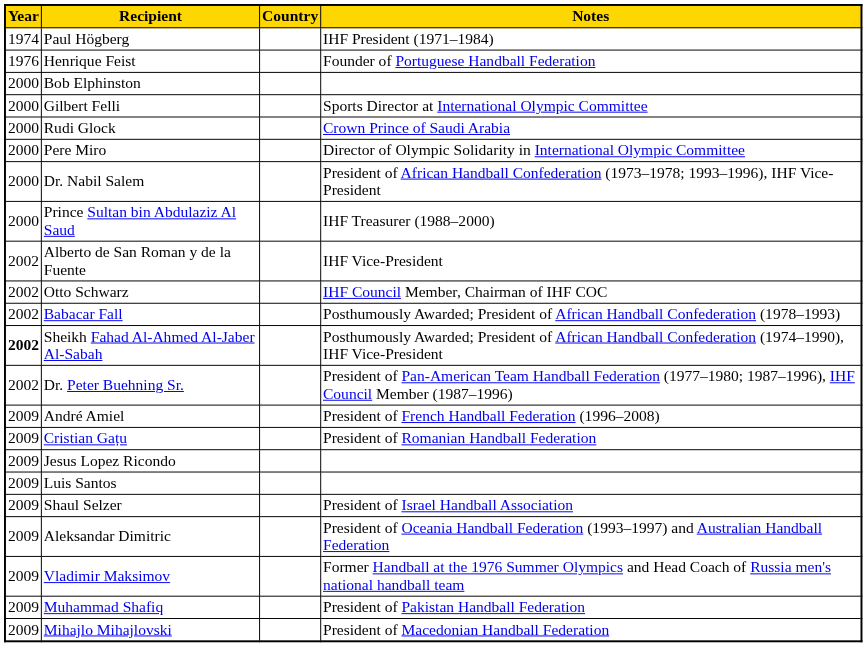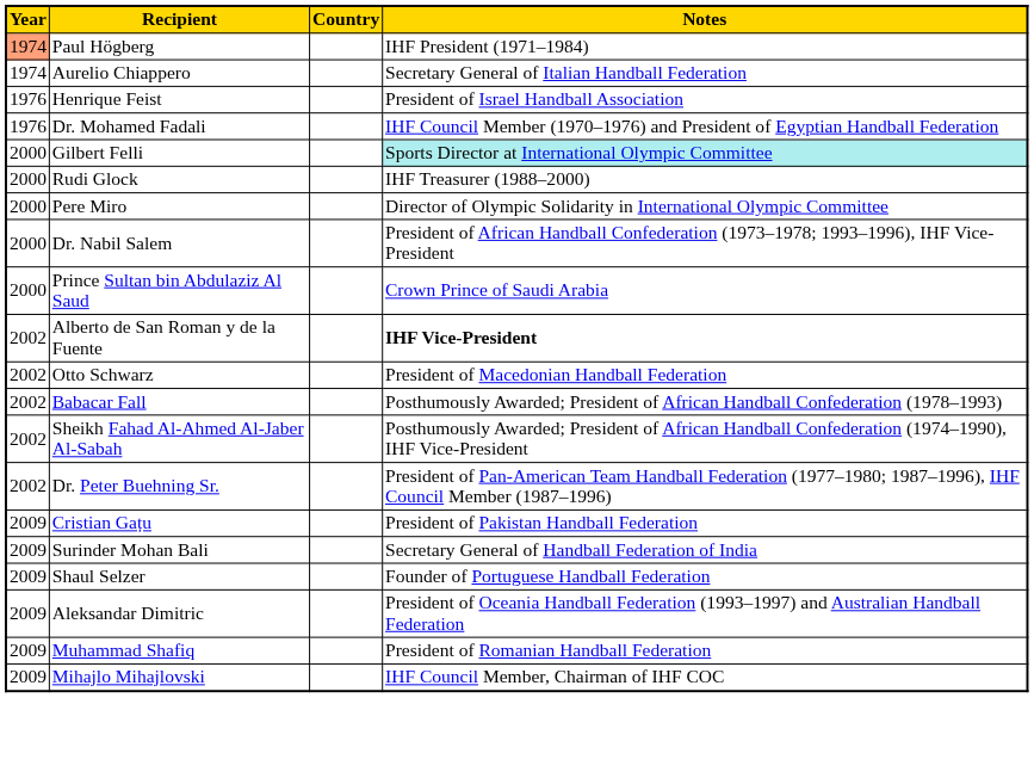 <table class="sortable" style="border-collapse: collapse; border: 2px #000000 solid; font-size: x-big; font-family: verdana" width="70%" cellspacing="0" cellpadding="2" border="1">
 <tr>
 <th style="background-color:Gold; color: black">Year</th>
 <th style="background-color:Gold; color: black">Recipient</th>
 <th style="background-color:Gold; color: black">Country</th>
 <th style="background-color:Gold; color: black">Notes</th>
 </tr>
 <tr>
-<td>1974</td>
+<td style="background: lightsalmon;">1974</td>
 <td>Paul Högberg</td>
 <td></td>
 <td>IHF President (1971–1984)</td>
 </tr>
 <tr>
+<td>1974</td>
+<td>Aurelio Chiappero</td>
+<td></td>
+<td>Secretary General of <a href='#'>Italian Handball Federation</a></td>
+</tr>
+<tr>
 <td>1976</td>
 <td>Henrique Feist</td>
 <td></td>
-<td>Founder of <a href='#'>Portuguese Handball Federation</a></td>
+<td>President of <a href='#'>Israel Handball Association</a></td>
 </tr>
 <tr>
-<td>2000</td>
-<td>Bob Elphinston</td>
+<td>1976</td>
+<td>Dr. Mohamed Fadali</td>
 <td></td>
-<td></td>
+<td><a href='#'>IHF Council</a> Member (1970–1976) and President of <a href='#'>Egyptian Handball Federation</a></td>
 </tr>
 <tr>
 <td>2000</td>
 <td>Gilbert Felli</td>
 <td></td>
-<td>Sports Director at <a href='#'>International Olympic Committee</a></td>
+<td style="background: paleturquoise;">Sports Director at <a href='#'>International Olympic Committee</a></td>
 </tr>
 <tr>
 <td>2000</td>
 <td>Rudi Glock</td>
 <td></td>
-<td><a href='#'>Crown Prince of Saudi Arabia</a></td>
+<td>IHF Treasurer (1988–2000)</td>
 </tr>
 <tr>
 <td>2000</td>
 <td>Pere Miro</td>
 <td></td>
 <td>Director of Olympic Solidarity in <a href='#'>International Olympic Committee</a></td>
 </tr>
 <tr>
 <td>2000</td>
 <td>Dr. Nabil Salem</td>
 <td></td>
 <td>President of <a href='#'>African Handball Confederation</a> (1973–1978; 1993–1996), IHF Vice-President</td>
 </tr>
 <tr>
 <td>2000</td>
 <td>Prince <a href='#'>Sultan bin Abdulaziz Al Saud</a></td>
 <td></td>
-<td>IHF Treasurer (1988–2000)</td>
+<td><a href='#'>Crown Prince of Saudi Arabia</a></td>
 </tr>
 <tr>
 <td>2002</td>
 <td>Alberto de San Roman y de la Fuente</td>
 <td></td>
-<td>IHF Vice-President</td>
+<td><strong>IHF Vice-President</strong></td>
 </tr>
 <tr>
 <td>2002</td>
 <td>Otto Schwarz</td>
 <td></td>
-<td><a href='#'>IHF Council</a> Member, Chairman of IHF COC</td>
+<td>President of <a href='#'>Macedonian Handball Federation</a></td>
 </tr>
 <tr>
 <td>2002</td>
 <td><a href='#'>Babacar Fall</a></td>
 <td></td>
 <td>Posthumously Awarded; President of <a href='#'>African Handball Confederation</a> (1978–1993)</td>
 </tr>
 <tr>
-<td><strong>2002</strong></td>
+<td>2002</td>
 <td>Sheikh <a href='#'>Fahad Al-Ahmed Al-Jaber Al-Sabah</a></td>
 <td></td>
 <td>Posthumously Awarded; President of <a href='#'>African Handball Confederation</a> (1974–1990), IHF Vice-President</td>
 </tr>
 <tr>
 <td>2002</td>
 <td>Dr. <a href='#'>Peter Buehning Sr.</a></td>
 <td></td>
 <td>President of <a href='#'>Pan-American Team Handball Federation</a> (1977–1980; 1987–1996), <a href='#'>IHF Council</a> Member (1987–1996)</td>
 </tr>
 <tr>
 <td>2009</td>
-<td>André Amiel</td>
+<td><a href='#'>Cristian Gațu</a></td>
 <td></td>
-<td>President of <a href='#'>French Handball Federation</a> (1996–2008)</td>
+<td>President of <a href='#'>Pakistan Handball Federation</a></td>
 </tr>
 <tr>
 <td>2009</td>
-<td><a href='#'>Cristian Gațu</a></td>
+<td>Surinder Mohan Bali</td>
 <td></td>
-<td>President of <a href='#'>Romanian Handball Federation</a></td>
-</tr>
-<tr>
-<td>2009</td>
-<td>Jesus Lopez Ricondo</td>
-<td></td>
-<td></td>
-</tr>
-<tr>
-<td>2009</td>
-<td>Luis Santos</td>
-<td></td>
-<td></td>
+<td>Secretary General of <a href='#'>Handball Federation of India</a></td>
 </tr>
 <tr>
 <td>2009</td>
 <td>Shaul Selzer</td>
 <td></td>
-<td>President of <a href='#'>Israel Handball Association</a></td>
+<td>Founder of <a href='#'>Portuguese Handball Federation</a></td>
 </tr>
 <tr>
 <td>2009</td>
 <td>Aleksandar Dimitric</td>
 <td></td>
 <td>President of <a href='#'>Oceania Handball Federation</a> (1993–1997) and <a href='#'>Australian Handball Federation</a></td>
 </tr>
 <tr>
 <td>2009</td>
-<td><a href='#'>Vladimir Maksimov</a></td>
-<td></td>
-<td>Former <a href='#'>Handball at the 1976 Summer Olympics</a> and Head Coach of <a href='#'>Russia men's national handball team</a></td>
-</tr>
-<tr>
-<td>2009</td>
 <td><a href='#'>Muhammad Shafiq</a></td>
 <td></td>
-<td>President of <a href='#'>Pakistan Handball Federation</a></td>
+<td>President of <a href='#'>Romanian Handball Federation</a></td>
 </tr>
 <tr>
 <td>2009</td>
 <td><a href='#'>Mihajlo Mihajlovski</a></td>
 <td></td>
-<td>President of <a href='#'>Macedonian Handball Federation</a></td>
+<td><a href='#'>IHF Council</a> Member, Chairman of IHF COC</td>
 </tr>
 </table>
